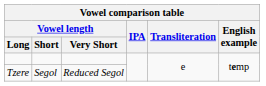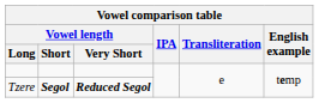 <table class="wikitable">
 <tr>
 <th ! colspan=6>Vowel comparison table</th>
 </tr>
 <tr align=center>
 <th ! colspan=3><a href='#'>Vowel length</a></th>
 <th ! rowspan=2><a href='#'>IPA</a></th>
 <th ! rowspan=2><a href='#'>Transliteration</a></th>
 <th ! rowspan=2>English<br>example</th>
 </tr>
 <tr>
 <th>Long</th>
 <th>Short</th>
 <th>Very Short</th>
 </tr>
 <tr align=center>
 <td style="font-size:26px; padding-bottom:12px"></td>
 <td style="font-size:26px; padding-bottom:12px"></td>
 <td style="font-size:26px; padding-bottom:12px"></td>
 <td rowspan="2"></td>
 <td rowspan="2">e</td>
 <td rowspan="2">t<strong>e</strong>mp</td>
 </tr>
 <tr>
 <td><em>Tzere</em></td>
-<td><em>Segol</em></td>
-<td><em>Reduced Segol</em></td>
+<td><strong><em>Segol</em></strong></td>
+<td><strong><em>Reduced Segol</em></strong></td>
 </tr>
 </table>
